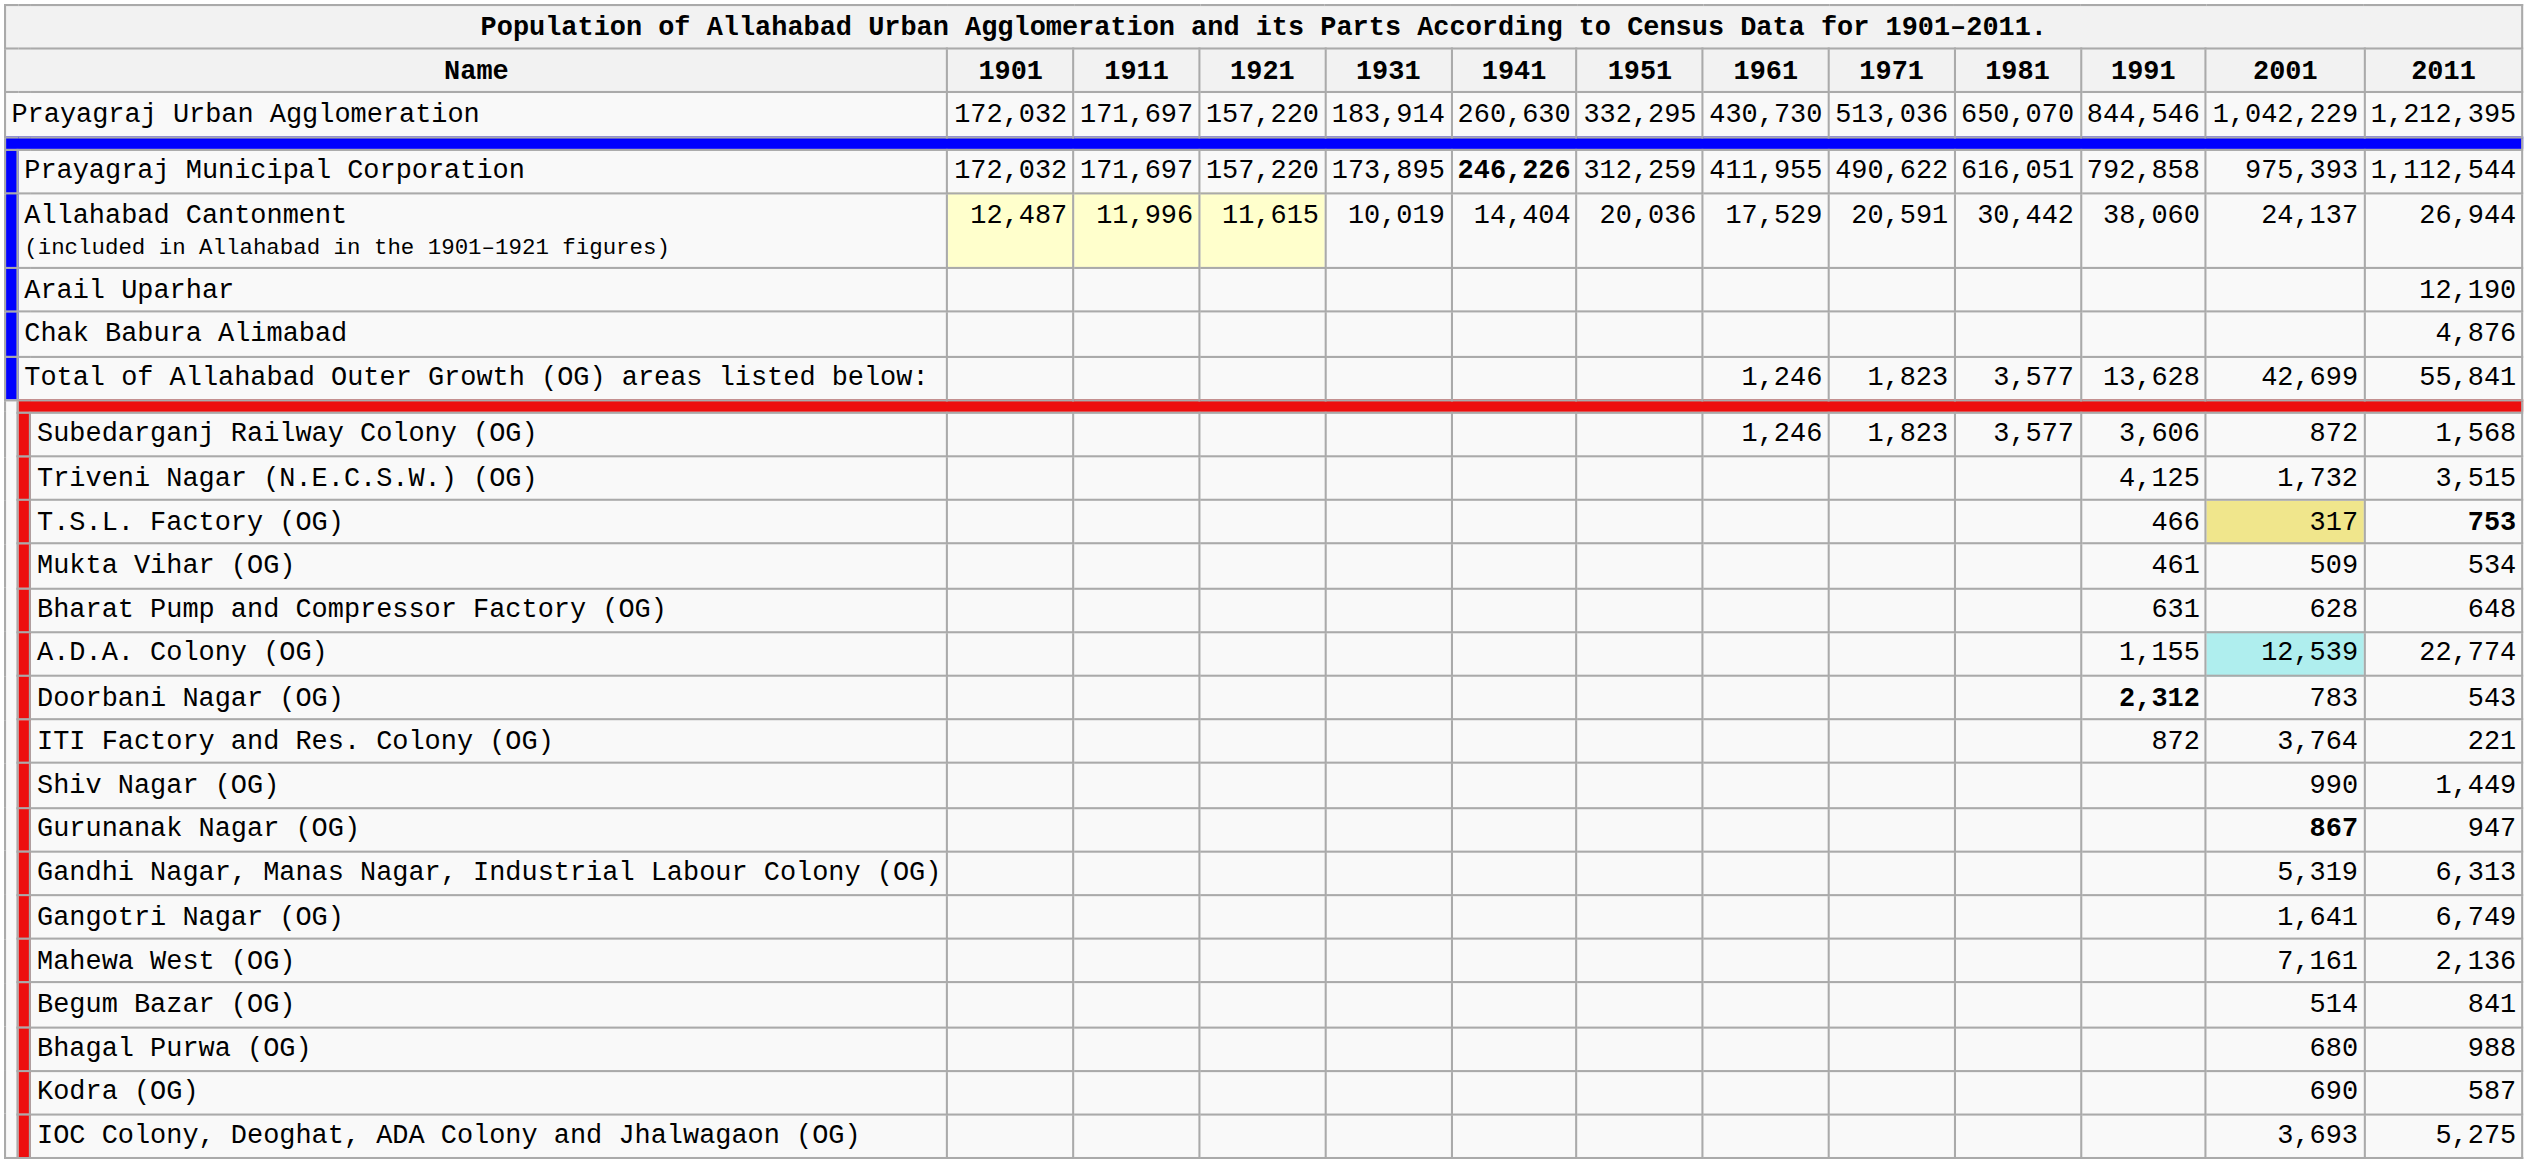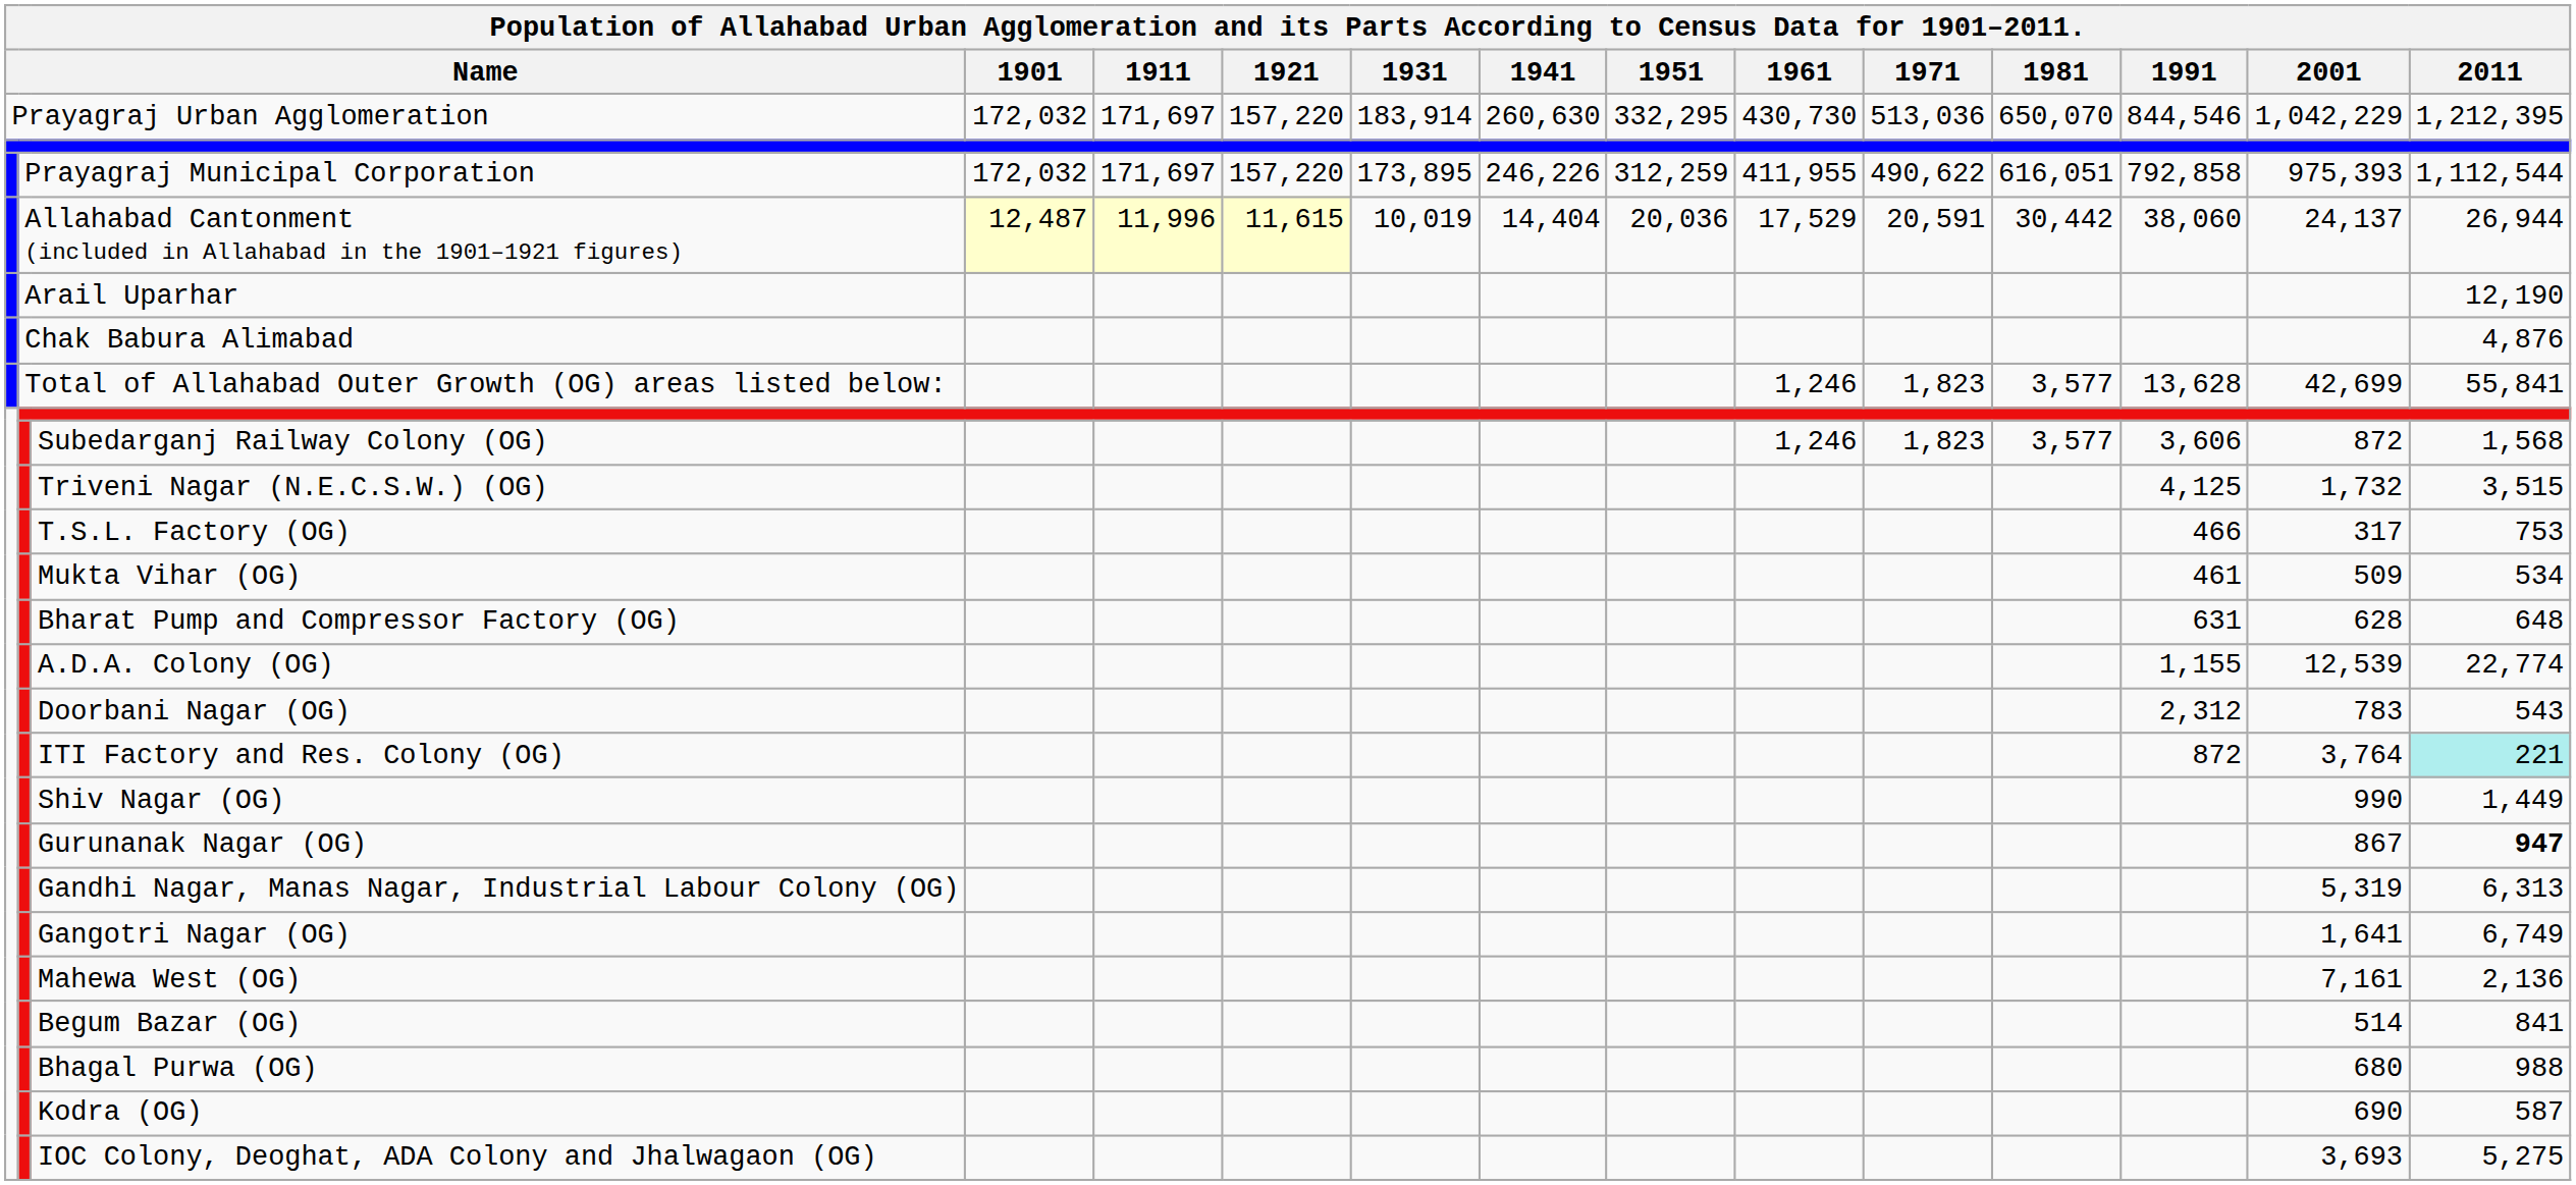 <table class="wikitable mw-collapsible ">
 <tr style="vertical-align:top;">
 <th colspan=15>Population of Allahabad Urban Agglomeration and its Parts According to Census Data for 1901–2011.</th>
 </tr>
 <tr style="vertical-align:top;">
 <th colspan=3>Name</th>
 <th>1901</th>
 <th>1911</th>
 <th>1921</th>
 <th>1931</th>
 <th>1941</th>
 <th>1951</th>
 <th>1961</th>
 <th>1971</th>
 <th>1981</th>
 <th>1991</th>
 <th>2001</th>
 <th>2011</th>
 </tr>
 <tr style="vertical-align:top;text-align:right">
 <td style="text-align:left;" colspan=3>Prayagraj Urban Agglomeration</td>
 <td>172,032</td>
 <td>171,697</td>
 <td>157,220</td>
 <td>183,914</td>
 <td>260,630</td>
 <td>332,295</td>
 <td>430,730</td>
 <td>513,036</td>
 <td>650,070</td>
 <td>844,546</td>
 <td>1,042,229</td>
 <td>1,212,395</td>
 </tr>
 <tr>
 <td colspan=15 style="background:#0000FF;"></td>
 </tr>
 <tr style="vertical-align:top;text-align:right">
 <td style="background:#0000FF;"></td>
 <td style="text-align:left;" colspan=2>Prayagraj Municipal Corporation</td>
 <td>172,032</td>
 <td>171,697</td>
 <td>157,220</td>
 <td>173,895</td>
-<td><strong>246,226</strong></td>
+<td>246,226</td>
 <td>312,259</td>
 <td>411,955</td>
 <td>490,622</td>
 <td>616,051</td>
 <td>792,858</td>
 <td>975,393</td>
 <td>1,112,544</td>
 </tr>
 <tr style="vertical-align:top;text-align:right">
 <td style="background:#0000FF;"></td>
 <td style="text-align:left;" colspan=2>Allahabad Cantonment<br><small>(included in Allahabad in the 1901–1921 figures)</small></td>
 <td style="background:#ffffcc;">12,487</td>
 <td style="background:#ffffcc;">11,996</td>
 <td style="background:#ffffcc;">11,615</td>
 <td>10,019</td>
 <td>14,404</td>
 <td>20,036</td>
 <td>17,529</td>
 <td>20,591</td>
 <td>30,442</td>
 <td>38,060</td>
 <td>24,137</td>
 <td>26,944</td>
 </tr>
 <tr style="vertical-align:top;text-align:right">
 <td style="background:#0000FF;"></td>
 <td style="text-align:left;" colspan=2>Arail Uparhar</td>
 <td></td>
 <td></td>
 <td></td>
 <td></td>
 <td></td>
 <td></td>
 <td></td>
 <td></td>
 <td></td>
 <td></td>
 <td></td>
 <td>12,190</td>
 </tr>
 <tr style="vertical-align:top;text-align:right">
 <td style="background:#0000FF;"></td>
 <td style="text-align:left;" colspan=2>Chak Babura Alimabad</td>
 <td></td>
 <td></td>
 <td></td>
 <td></td>
 <td></td>
 <td></td>
 <td></td>
 <td></td>
 <td></td>
 <td></td>
 <td></td>
 <td>4,876</td>
 </tr>
 <tr style="vertical-align:top;text-align:right">
 <td style="background:#0000FF;"></td>
 <td style="text-align:left;" colspan=2>Total of Allahabad Outer Growth (OG) areas listed below:</td>
 <td></td>
 <td></td>
 <td></td>
 <td></td>
 <td></td>
 <td></td>
 <td>1,246</td>
 <td>1,823</td>
 <td>3,577</td>
 <td>13,628</td>
 <td>42,699</td>
 <td>55,841</td>
 </tr>
 <tr>
 <td rowspan=18></td>
 <td colspan=14 style="background:#ED0E0E;"></td>
 </tr>
 <tr style="vertical-align:top;text-align:right">
 <td style="background:#ED0E0E;"></td>
 <td style="text-align:left;">Subedarganj Railway Colony (OG)</td>
 <td></td>
 <td></td>
 <td></td>
 <td></td>
 <td></td>
 <td></td>
 <td>1,246</td>
 <td>1,823</td>
 <td>3,577</td>
 <td>3,606</td>
 <td>872</td>
 <td>1,568</td>
 </tr>
 <tr style="vertical-align:top;text-align:right">
 <td style="background:#ED0E0E;"></td>
 <td style="text-align:left;">Triveni Nagar (N.E.C.S.W.) (OG)</td>
 <td></td>
 <td></td>
 <td></td>
 <td></td>
 <td></td>
 <td></td>
 <td></td>
 <td></td>
 <td></td>
 <td>4,125</td>
 <td>1,732</td>
 <td>3,515</td>
 </tr>
 <tr style="vertical-align:top;text-align:right">
 <td style="background:#ED0E0E;"></td>
 <td style="text-align:left;">T.S.L. Factory (OG)</td>
 <td></td>
 <td></td>
 <td></td>
 <td></td>
 <td></td>
 <td></td>
 <td></td>
 <td></td>
 <td></td>
 <td>466</td>
-<td style="background: khaki;">317</td>
-<td><strong>753</strong></td>
+<td>317</td>
+<td>753</td>
 </tr>
 <tr style="vertical-align:top;text-align:right">
 <td style="background:#ED0E0E;"></td>
 <td style="text-align:left;">Mukta Vihar (OG)</td>
 <td></td>
 <td></td>
 <td></td>
 <td></td>
 <td></td>
 <td></td>
 <td></td>
 <td></td>
 <td></td>
 <td>461</td>
 <td>509</td>
 <td>534</td>
 </tr>
 <tr style="vertical-align:top;text-align:right">
 <td style="background:#ED0E0E;"></td>
 <td style="text-align:left;">Bharat Pump and Compressor Factory (OG)</td>
 <td></td>
 <td></td>
 <td></td>
 <td></td>
 <td></td>
 <td></td>
 <td></td>
 <td></td>
 <td></td>
 <td>631</td>
 <td>628</td>
 <td>648</td>
 </tr>
 <tr style="vertical-align:top;text-align:right">
 <td style="background:#ED0E0E;"></td>
 <td style="text-align:left;">A.D.A. Colony (OG)</td>
 <td></td>
 <td></td>
 <td></td>
 <td></td>
 <td></td>
 <td></td>
 <td></td>
 <td></td>
 <td></td>
 <td>1,155</td>
-<td style="background: paleturquoise;">12,539</td>
+<td>12,539</td>
 <td>22,774</td>
 </tr>
 <tr style="vertical-align:top;text-align:right">
 <td style="background:#ED0E0E;"></td>
 <td style="text-align:left;">Doorbani Nagar (OG)</td>
 <td></td>
 <td></td>
 <td></td>
 <td></td>
 <td></td>
 <td></td>
 <td></td>
 <td></td>
 <td></td>
-<td><strong>2,312</strong></td>
+<td>2,312</td>
 <td>783</td>
 <td>543</td>
 </tr>
 <tr style="vertical-align:top;text-align:right">
 <td style="background:#ED0E0E;"></td>
 <td style="text-align:left;">ITI Factory and Res. Colony (OG)</td>
 <td></td>
 <td></td>
 <td></td>
 <td></td>
 <td></td>
 <td></td>
 <td></td>
 <td></td>
 <td></td>
 <td>872</td>
 <td>3,764</td>
-<td>221</td>
+<td style="background: paleturquoise;">221</td>
 </tr>
 <tr style="vertical-align:top;text-align:right">
 <td style="background:#ED0E0E;"></td>
 <td style="text-align:left;">Shiv Nagar (OG)</td>
 <td></td>
 <td></td>
 <td></td>
 <td></td>
 <td></td>
 <td></td>
 <td></td>
 <td></td>
 <td></td>
 <td></td>
 <td>990</td>
 <td>1,449</td>
 </tr>
 <tr style="vertical-align:top;text-align:right">
 <td style="background:#ED0E0E;"></td>
 <td style="text-align:left;">Gurunanak Nagar (OG)</td>
 <td></td>
 <td></td>
 <td></td>
 <td></td>
 <td></td>
 <td></td>
 <td></td>
 <td></td>
 <td></td>
 <td></td>
-<td><strong>867</strong></td>
-<td>947</td>
+<td>867</td>
+<td><strong>947</strong></td>
 </tr>
 <tr style="vertical-align:top;text-align:right">
 <td style="background:#ED0E0E;"></td>
 <td style="text-align:left;">Gandhi Nagar, Manas Nagar, Industrial Labour Colony (OG)</td>
 <td></td>
 <td></td>
 <td></td>
 <td></td>
 <td></td>
 <td></td>
 <td></td>
 <td></td>
 <td></td>
 <td></td>
 <td>5,319</td>
 <td>6,313</td>
 </tr>
 <tr style="vertical-align:top;text-align:right">
 <td style="background:#ED0E0E;"></td>
 <td style="text-align:left;">Gangotri Nagar (OG)</td>
 <td></td>
 <td></td>
 <td></td>
 <td></td>
 <td></td>
 <td></td>
 <td></td>
 <td></td>
 <td></td>
 <td></td>
 <td>1,641</td>
 <td>6,749</td>
 </tr>
 <tr style="vertical-align:top;text-align:right">
 <td style="background:#ED0E0E;"></td>
 <td style="text-align:left;">Mahewa West (OG)</td>
 <td></td>
 <td></td>
 <td></td>
 <td></td>
 <td></td>
 <td></td>
 <td></td>
 <td></td>
 <td></td>
 <td></td>
 <td>7,161</td>
 <td>2,136</td>
 </tr>
 <tr style="vertical-align:top;text-align:right">
 <td style="background:#ED0E0E;"></td>
 <td style="text-align:left;">Begum Bazar (OG)</td>
 <td></td>
 <td></td>
 <td></td>
 <td></td>
 <td></td>
 <td></td>
 <td></td>
 <td></td>
 <td></td>
 <td></td>
 <td>514</td>
 <td>841</td>
 </tr>
 <tr style="vertical-align:top;text-align:right">
 <td style="background:#ED0E0E;"></td>
 <td style="text-align:left;">Bhagal Purwa (OG)</td>
 <td></td>
 <td></td>
 <td></td>
 <td></td>
 <td></td>
 <td></td>
 <td></td>
 <td></td>
 <td></td>
 <td></td>
 <td>680</td>
 <td>988</td>
 </tr>
 <tr style="vertical-align:top;text-align:right">
 <td style="background:#ED0E0E;"></td>
 <td style="text-align:left;">Kodra (OG)</td>
 <td></td>
 <td></td>
 <td></td>
 <td></td>
 <td></td>
 <td></td>
 <td></td>
 <td></td>
 <td></td>
 <td></td>
 <td>690</td>
 <td>587</td>
 </tr>
 <tr style="vertical-align:top;text-align:right">
 <td style="background:#ED0E0E;"></td>
 <td style="text-align:left;">IOC Colony, Deoghat, ADA Colony and Jhalwagaon (OG)</td>
 <td></td>
 <td></td>
 <td></td>
 <td></td>
 <td></td>
 <td></td>
 <td></td>
 <td></td>
 <td></td>
 <td></td>
 <td>3,693</td>
 <td>5,275</td>
 </tr>
 <tr>
 </tr>
 </table>
